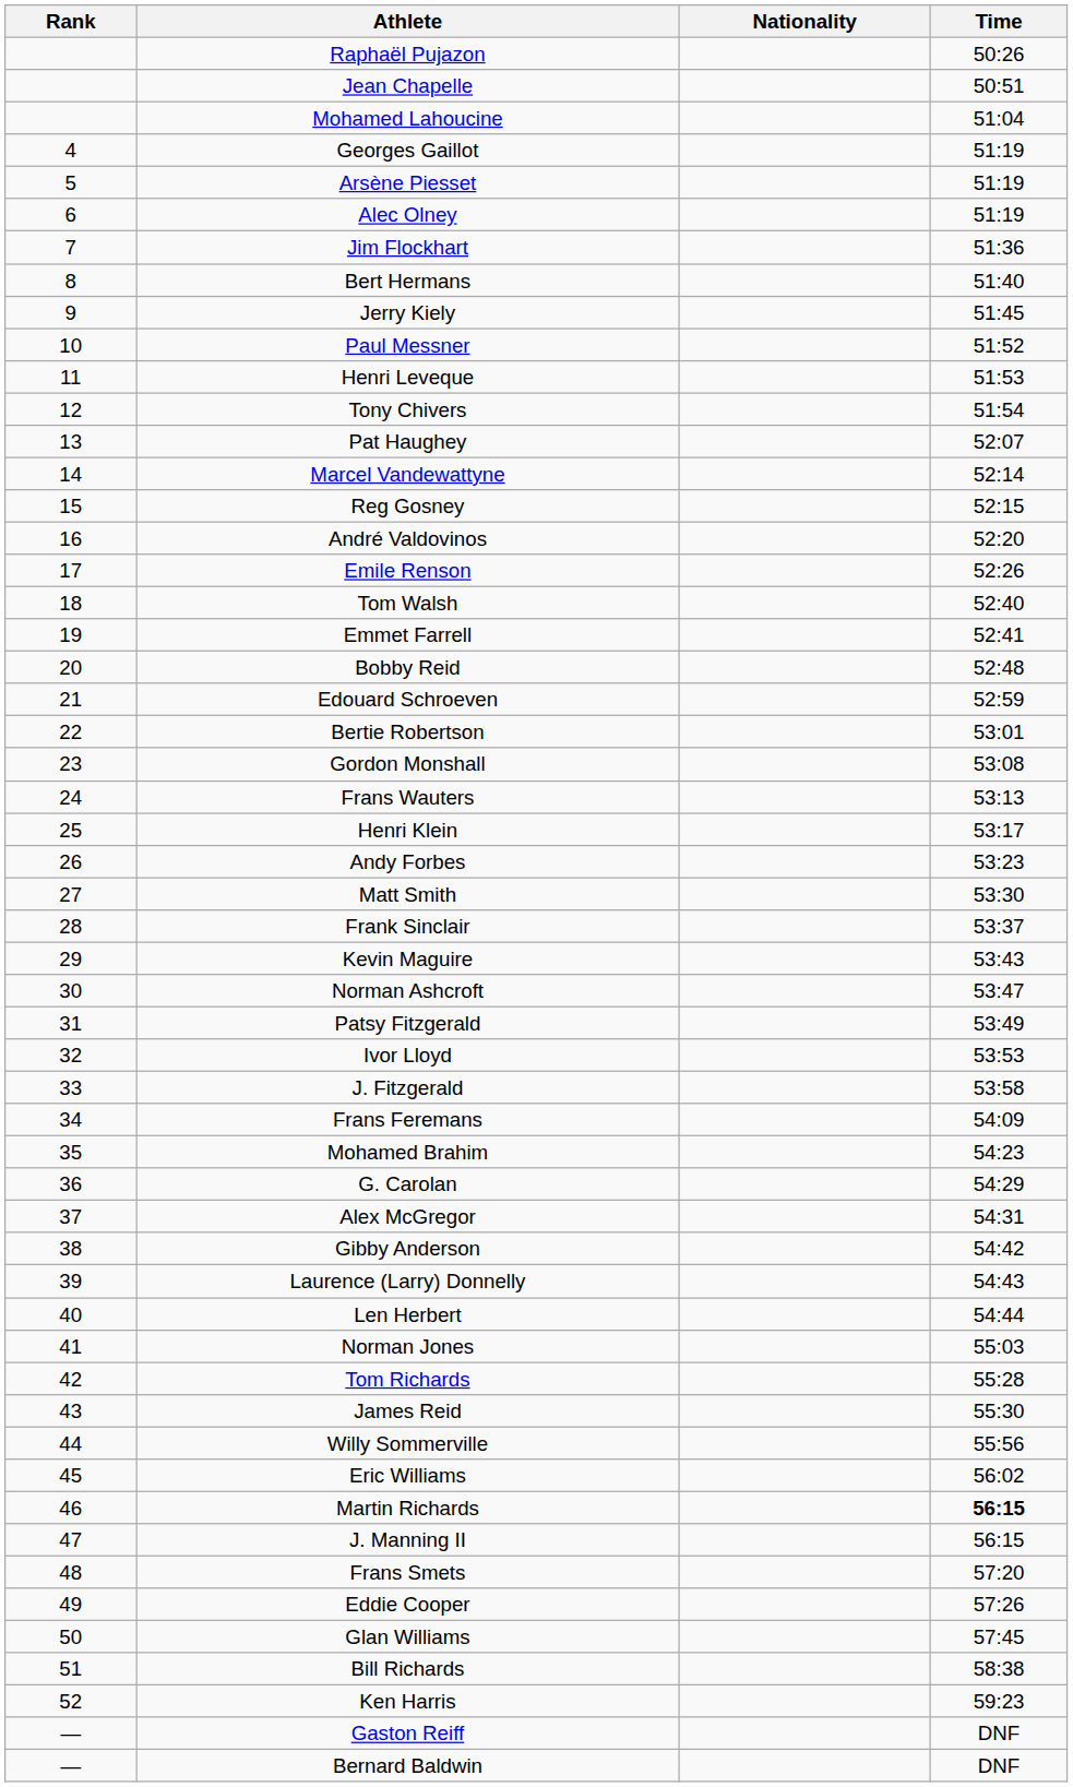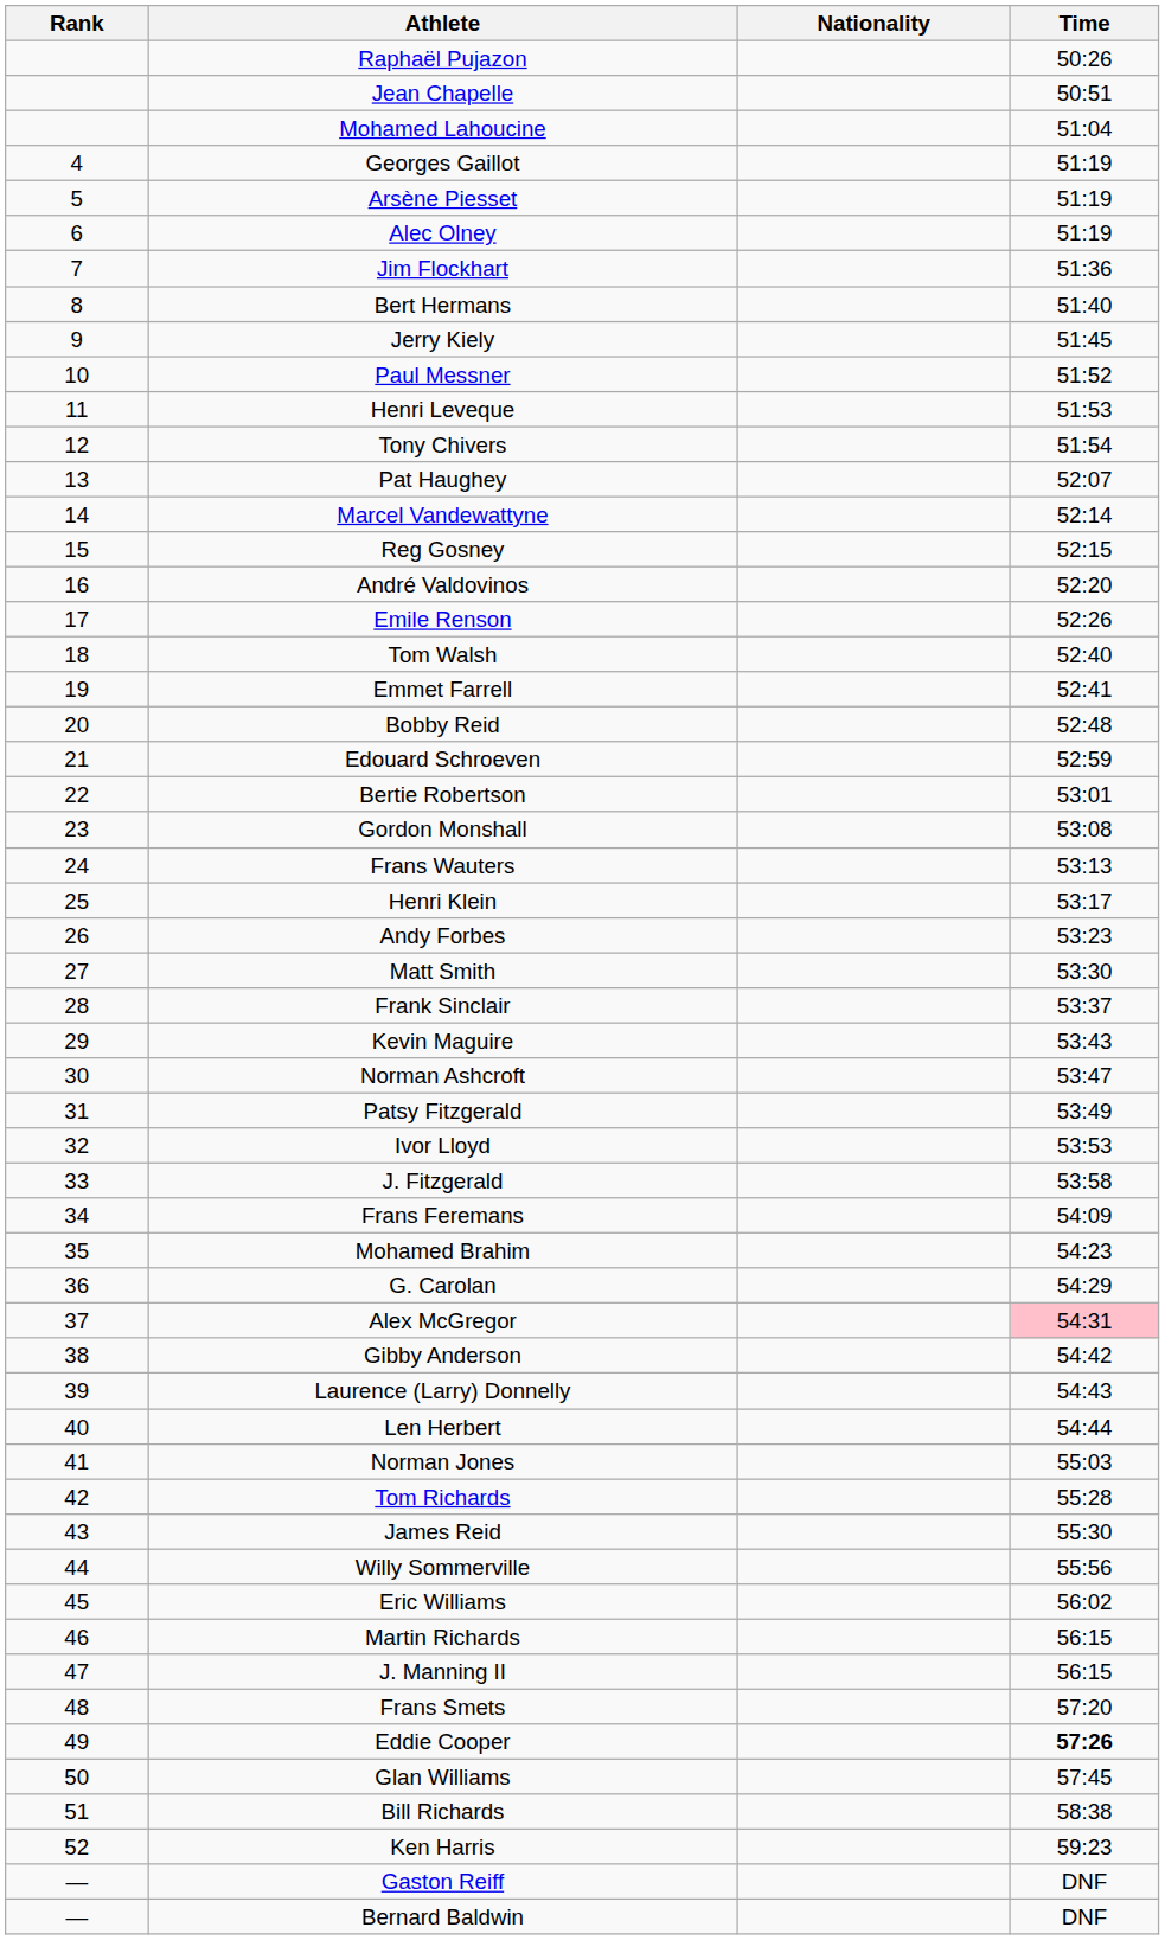 <table class="wikitable sortable" style=" text-align:center; font-size:95%;" width="50%">
 <tr>
 <th>Rank</th>
 <th>Athlete</th>
 <th>Nationality</th>
 <th>Time</th>
 </tr>
 <tr>
 <td align=center></td>
 <td><a href='#'>Raphaël Pujazon</a></td>
 <td></td>
 <td>50:26</td>
 </tr>
 <tr>
 <td align=center></td>
 <td><a href='#'>Jean Chapelle</a></td>
 <td></td>
 <td>50:51</td>
 </tr>
 <tr>
 <td align=center></td>
 <td><a href='#'>Mohamed Lahoucine</a></td>
 <td></td>
 <td>51:04</td>
 </tr>
 <tr>
 <td align=center>4</td>
 <td>Georges Gaillot</td>
 <td></td>
 <td>51:19</td>
 </tr>
 <tr>
 <td align=center>5</td>
 <td><a href='#'>Arsène Piesset</a></td>
 <td></td>
 <td>51:19</td>
 </tr>
 <tr>
 <td align=center>6</td>
 <td><a href='#'>Alec Olney</a></td>
 <td></td>
 <td>51:19</td>
 </tr>
 <tr>
 <td align=center>7</td>
 <td><a href='#'>Jim Flockhart</a></td>
 <td></td>
 <td>51:36</td>
 </tr>
 <tr>
 <td align=center>8</td>
 <td>Bert Hermans</td>
 <td></td>
 <td>51:40</td>
 </tr>
 <tr>
 <td align=center>9</td>
 <td>Jerry Kiely</td>
 <td></td>
 <td>51:45</td>
 </tr>
 <tr>
 <td align=center>10</td>
 <td><a href='#'>Paul Messner</a></td>
 <td></td>
 <td>51:52</td>
 </tr>
 <tr>
 <td align=center>11</td>
 <td>Henri Leveque</td>
 <td></td>
 <td>51:53</td>
 </tr>
 <tr>
 <td align=center>12</td>
 <td>Tony Chivers</td>
 <td></td>
 <td>51:54</td>
 </tr>
 <tr>
 <td align=center>13</td>
 <td>Pat Haughey</td>
 <td></td>
 <td>52:07</td>
 </tr>
 <tr>
 <td align=center>14</td>
 <td><a href='#'>Marcel Vandewattyne</a></td>
 <td></td>
 <td>52:14</td>
 </tr>
 <tr>
 <td align=center>15</td>
 <td>Reg Gosney</td>
 <td></td>
 <td>52:15</td>
 </tr>
 <tr>
 <td align=center>16</td>
 <td>André Valdovinos</td>
 <td></td>
 <td>52:20</td>
 </tr>
 <tr>
 <td align=center>17</td>
 <td><a href='#'>Emile Renson</a></td>
 <td></td>
 <td>52:26</td>
 </tr>
 <tr>
 <td align=center>18</td>
 <td>Tom Walsh</td>
 <td></td>
 <td>52:40</td>
 </tr>
 <tr>
 <td align=center>19</td>
 <td>Emmet Farrell</td>
 <td></td>
 <td>52:41</td>
 </tr>
 <tr>
 <td align=center>20</td>
 <td>Bobby Reid</td>
 <td></td>
 <td>52:48</td>
 </tr>
 <tr>
 <td align=center>21</td>
 <td>Edouard Schroeven</td>
 <td></td>
 <td>52:59</td>
 </tr>
 <tr>
 <td align=center>22</td>
 <td>Bertie Robertson</td>
 <td></td>
 <td>53:01</td>
 </tr>
 <tr>
 <td align=center>23</td>
 <td>Gordon Monshall</td>
 <td></td>
 <td>53:08</td>
 </tr>
 <tr>
 <td align=center>24</td>
 <td>Frans Wauters</td>
 <td></td>
 <td>53:13</td>
 </tr>
 <tr>
 <td align=center>25</td>
 <td>Henri Klein</td>
 <td></td>
 <td>53:17</td>
 </tr>
 <tr>
 <td align=center>26</td>
 <td>Andy Forbes</td>
 <td></td>
 <td>53:23</td>
 </tr>
 <tr>
 <td align=center>27</td>
 <td>Matt Smith</td>
 <td></td>
 <td>53:30</td>
 </tr>
 <tr>
 <td align=center>28</td>
 <td>Frank Sinclair</td>
 <td></td>
 <td>53:37</td>
 </tr>
 <tr>
 <td align=center>29</td>
 <td>Kevin Maguire</td>
 <td></td>
 <td>53:43</td>
 </tr>
 <tr>
 <td align=center>30</td>
 <td>Norman Ashcroft</td>
 <td></td>
 <td>53:47</td>
 </tr>
 <tr>
 <td align=center>31</td>
 <td>Patsy Fitzgerald</td>
 <td></td>
 <td>53:49</td>
 </tr>
 <tr>
 <td align=center>32</td>
 <td>Ivor Lloyd</td>
 <td></td>
 <td>53:53</td>
 </tr>
 <tr>
 <td align=center>33</td>
 <td>J. Fitzgerald</td>
 <td></td>
 <td>53:58</td>
 </tr>
 <tr>
 <td align=center>34</td>
 <td>Frans Feremans</td>
 <td></td>
 <td>54:09</td>
 </tr>
 <tr>
 <td align=center>35</td>
 <td>Mohamed Brahim</td>
 <td></td>
 <td>54:23</td>
 </tr>
 <tr>
 <td align=center>36</td>
 <td>G. Carolan</td>
 <td></td>
 <td>54:29</td>
 </tr>
 <tr>
 <td align=center>37</td>
 <td>Alex McGregor</td>
 <td></td>
-<td>54:31</td>
+<td style="background: pink;">54:31</td>
 </tr>
 <tr>
 <td align=center>38</td>
 <td>Gibby Anderson</td>
 <td></td>
 <td>54:42</td>
 </tr>
 <tr>
 <td align=center>39</td>
 <td>Laurence (Larry) Donnelly</td>
 <td></td>
 <td>54:43</td>
 </tr>
 <tr>
 <td align=center>40</td>
 <td>Len Herbert</td>
 <td></td>
 <td>54:44</td>
 </tr>
 <tr>
 <td align=center>41</td>
 <td>Norman Jones</td>
 <td></td>
 <td>55:03</td>
 </tr>
 <tr>
 <td align=center>42</td>
 <td><a href='#'>Tom Richards</a></td>
 <td></td>
 <td>55:28</td>
 </tr>
 <tr>
 <td align=center>43</td>
 <td>James Reid</td>
 <td></td>
 <td>55:30</td>
 </tr>
 <tr>
 <td align=center>44</td>
 <td>Willy Sommerville</td>
 <td></td>
 <td>55:56</td>
 </tr>
 <tr>
 <td align=center>45</td>
 <td>Eric Williams</td>
 <td></td>
 <td>56:02</td>
 </tr>
 <tr>
 <td align=center>46</td>
 <td>Martin Richards</td>
 <td></td>
-<td><strong>56:15</strong></td>
+<td>56:15</td>
 </tr>
 <tr>
 <td align=center>47</td>
 <td>J. Manning II</td>
 <td></td>
 <td>56:15</td>
 </tr>
 <tr>
 <td align=center>48</td>
 <td>Frans Smets</td>
 <td></td>
 <td>57:20</td>
 </tr>
 <tr>
 <td align=center>49</td>
 <td>Eddie Cooper</td>
 <td></td>
-<td>57:26</td>
+<td><strong>57:26</strong></td>
 </tr>
 <tr>
 <td align=center>50</td>
 <td>Glan Williams</td>
 <td></td>
 <td>57:45</td>
 </tr>
 <tr>
 <td align=center>51</td>
 <td>Bill Richards</td>
 <td></td>
 <td>58:38</td>
 </tr>
 <tr>
 <td align=center>52</td>
 <td>Ken Harris</td>
 <td></td>
 <td>59:23</td>
 </tr>
 <tr>
 <td align=center>—</td>
 <td><a href='#'>Gaston Reiff</a></td>
 <td></td>
 <td>DNF</td>
 </tr>
 <tr>
 <td align=center>—</td>
 <td>Bernard Baldwin</td>
 <td></td>
 <td>DNF</td>
 </tr>
 </table>
